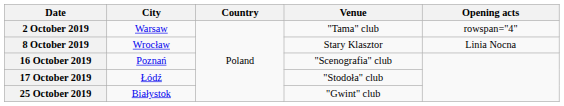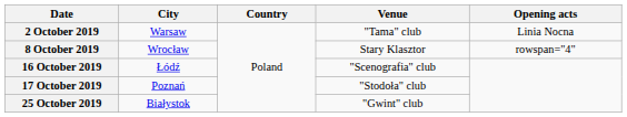 <table class="wikitable plainrowheaders" style="text-align:center;">
 <tr>
 <th scope="col" style="width:12em;">Date</th>
 <th scope="col" style="width:10em;">City</th>
 <th scope="col" style="width:10em;">Country</th>
 <th scope="col" style="width:16em;">Venue</th>
 <th scope="col" style="width:16em;">Opening acts</th>
 </tr>
 <tr>
 <th scope="row" style="text-align:center;">2 October 2019</th>
 <td><a href='#'>Warsaw</a></td>
 <td rowspan="5">Poland</td>
 <td>"Tama" club</td>
-<td>rowspan="4" </td>
+<td>Linia Nocna</td>
 </tr>
 <tr>
 <th scope="row" style="text-align:center;">8 October 2019</th>
 <td><a href='#'>Wrocław</a></td>
 <td>Stary Klasztor</td>
-<td>Linia Nocna</td>
+<td>rowspan="4" </td>
 </tr>
 <tr>
 <th scope="row" style="text-align:center;">16 October 2019</th>
-<td><a href='#'>Poznań</a></td>
+<td><a href='#'>Łódź</a></td>
 <td>"Scenografia" club</td>
 </tr>
 <tr>
 <th scope="row" style="text-align:center;">17 October 2019</th>
-<td><a href='#'>Łódź</a></td>
+<td><a href='#'>Poznań</a></td>
 <td>"Stodoła" club</td>
 </tr>
 <tr>
 <th scope="row" style="text-align:center;">25 October 2019</th>
 <td><a href='#'>Białystok</a></td>
 <td>"Gwint" club</td>
 </tr>
 </table>
